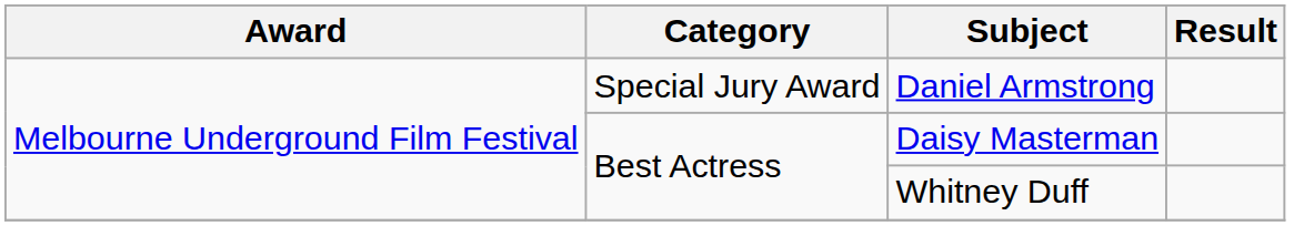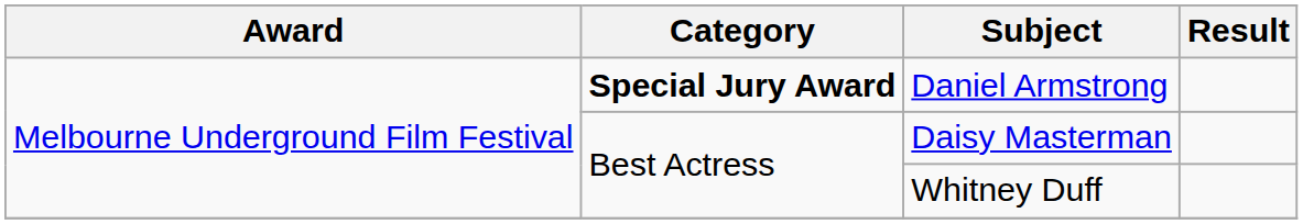 <table class="wikitable">
 <tr>
 <th>Award</th>
 <th>Category</th>
 <th>Subject</th>
 <th>Result</th>
 </tr>
 <tr>
 <td rowspan=3><a href='#'>Melbourne Underground Film Festival</a></td>
-<td>Special Jury Award</td>
+<td><strong>Special Jury Award</strong></td>
 <td><a href='#'>Daniel Armstrong</a></td>
 <td></td>
 </tr>
 <tr>
 <td rowspan=2>Best Actress</td>
 <td><a href='#'>Daisy Masterman</a></td>
 <td></td>
 </tr>
 <tr>
 <td>Whitney Duff</td>
 <td></td>
 </tr>
 <tr>
 </tr>
 </table>
